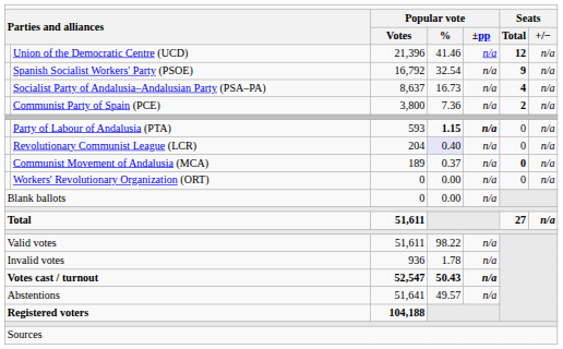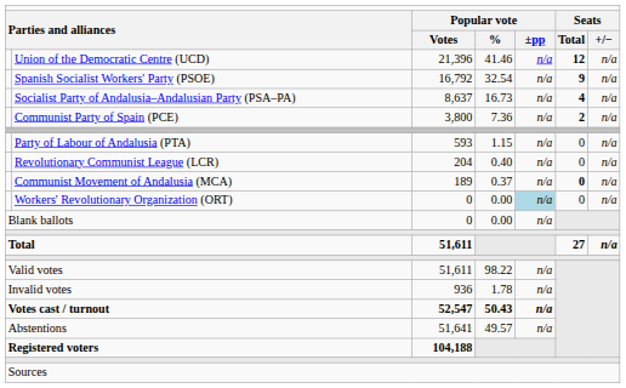 <table class="wikitable" style="text-align:right;">
 <tr>
 <td colspan="7"></td>
 </tr>
 <tr>
 <th style="text-align:left;" rowspan="2" colspan="2" width="525">Parties and alliances</th>
 <th colspan="3">Popular vote</th>
 <th colspan="2">Seats</th>
 </tr>
 <tr>
 <th width="75">Votes</th>
 <th width="45">%</th>
 <th width="45">±<a href='#'>pp</a></th>
 <th width="35">Total</th>
 <th width="35">+/−</th>
 </tr>
 <tr>
 <td width="1" style="color:inherit;background:"></td>
 <td align="left"><a href='#'>Union of the Democratic Centre</a> (UCD)</td>
 <td>21,396</td>
 <td>41.46</td>
 <td><em><a href='#'>n/a</a></em></td>
 <td><strong>12</strong></td>
 <td><em>n/a</em></td>
 </tr>
 <tr>
 <td style="color:inherit;background:"></td>
 <td align="left"><a href='#'>Spanish Socialist Workers' Party</a> (PSOE)</td>
 <td>16,792</td>
 <td>32.54</td>
 <td><em>n/a</em></td>
 <td><strong>9</strong></td>
 <td><em>n/a</em></td>
 </tr>
 <tr>
 <td style="color:inherit;background:"></td>
 <td align="left"><a href='#'>Socialist Party of Andalusia–Andalusian Party</a> (PSA–PA)</td>
 <td>8,637</td>
 <td>16.73</td>
 <td><em>n/a</em></td>
 <td><strong>4</strong></td>
 <td><em>n/a</em></td>
 </tr>
 <tr>
 <td style="color:inherit;background:"></td>
 <td align="left"><a href='#'>Communist Party of Spain</a> (PCE)</td>
 <td>3,800</td>
 <td>7.36</td>
 <td><em>n/a</em></td>
 <td><strong>2</strong></td>
 <td><em>n/a</em></td>
 </tr>
 <tr>
 <td colspan="7" bgcolor="#C0C0C0"></td>
 </tr>
 <tr>
 <td style="color:inherit;background:"></td>
 <td align="left"><a href='#'>Party of Labour of Andalusia</a> (PTA)</td>
 <td>593</td>
-<td><strong>1.15</strong></td>
-<td><strong><em>n/a</em></strong></td>
+<td>1.15</td>
+<td><em>n/a</em></td>
 <td>0</td>
 <td><em>n/a</em></td>
 </tr>
 <tr>
 <td style="color:inherit;background:"></td>
 <td align="left"><a href='#'>Revolutionary Communist League</a> (LCR)</td>
 <td>204</td>
-<td style="background: lavender;">0.40</td>
+<td>0.40</td>
 <td><em>n/a</em></td>
 <td>0</td>
 <td><em>n/a</em></td>
 </tr>
 <tr>
 <td style="color:inherit;background:"></td>
 <td align="left"><a href='#'>Communist Movement of Andalusia</a> (MCA)</td>
 <td>189</td>
 <td>0.37</td>
 <td><em>n/a</em></td>
 <td><strong>0</strong></td>
 <td><em>n/a</em></td>
 </tr>
 <tr>
 <td style="color:inherit;background:"></td>
 <td align="left"><a href='#'>Workers' Revolutionary Organization</a> (ORT)</td>
 <td>0</td>
 <td>0.00</td>
-<td><em>n/a</em></td>
+<td style="background: lightblue;"><em>n/a</em></td>
 <td>0</td>
 <td><em>n/a</em></td>
 </tr>
 <tr>
 <td align="left" colspan="2">Blank ballots</td>
 <td>0</td>
 <td>0.00</td>
 <td><em>n/a</em></td>
 <td bgcolor="#E9E9E9" colspan="2"></td>
 </tr>
 <tr>
 <td colspan="7" bgcolor="#E9E9E9"></td>
 </tr>
 <tr style="font-weight:bold;">
 <td align="left" colspan="2">Total</td>
 <td>51,611</td>
 <td bgcolor="#E9E9E9" colspan="2"></td>
 <td>27</td>
 <td><em>n/a</em></td>
 </tr>
 <tr>
 <td colspan="7" bgcolor="#E9E9E9"></td>
 </tr>
 <tr>
 <td align="left" colspan="2">Valid votes</td>
 <td>51,611</td>
 <td>98.22</td>
 <td><em>n/a</em></td>
 <td bgcolor="#E9E9E9" colspan="2" rowspan="5"></td>
 </tr>
 <tr>
 <td align="left" colspan="2">Invalid votes</td>
 <td>936</td>
 <td>1.78</td>
 <td><em>n/a</em></td>
 </tr>
 <tr style="font-weight:bold;">
 <td align="left" colspan="2">Votes cast / turnout</td>
 <td>52,547</td>
 <td>50.43</td>
 <td><em>n/a</em></td>
 </tr>
 <tr>
 <td align="left" colspan="2">Abstentions</td>
 <td>51,641</td>
 <td>49.57</td>
 <td><em>n/a</em></td>
 </tr>
 <tr style="font-weight:bold;">
 <td align="left" colspan="2">Registered voters</td>
 <td>104,188</td>
 <td bgcolor="#E9E9E9" colspan="2"></td>
 </tr>
 <tr>
 <td colspan="7" bgcolor="#E9E9E9"></td>
 </tr>
 <tr>
 <td align="left" colspan="7">Sources</td>
 </tr>
 </table>
